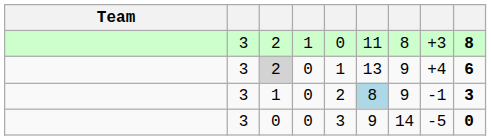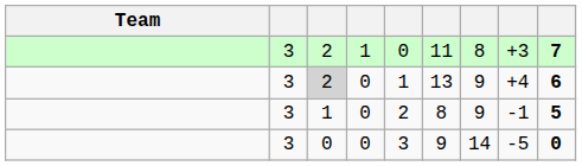 <table class="wikitable" style="text-align: center;">
 <tr>
 <th width="175">Team</th>
 <th width="20"></th>
 <th width="20"></th>
 <th width="20"></th>
 <th width="20"></th>
 <th width="20"></th>
 <th width="20"></th>
 <th width="20"></th>
 <th width="20"></th>
 </tr>
 <tr style="background-color: #ccffcc;">
 <td align=left></td>
 <td>3</td>
 <td>2</td>
 <td>1</td>
 <td>0</td>
 <td>11</td>
 <td>8</td>
 <td>+3</td>
-<td><strong>8</strong></td>
+<td><strong>7</strong></td>
 </tr>
 <tr>
 <td align=left></td>
 <td>3</td>
 <td style="background: lightgrey;">2</td>
 <td>0</td>
 <td>1</td>
 <td>13</td>
 <td>9</td>
 <td>+4</td>
 <td><strong>6</strong></td>
 </tr>
 <tr>
 <td align=left></td>
 <td>3</td>
 <td>1</td>
 <td>0</td>
 <td>2</td>
-<td style="background: lightblue;">8</td>
+<td>8</td>
 <td>9</td>
 <td>-1</td>
-<td><strong>3</strong></td>
+<td><strong>5</strong></td>
 </tr>
 <tr>
 <td align=left></td>
 <td>3</td>
 <td>0</td>
 <td>0</td>
 <td>3</td>
 <td>9</td>
 <td>14</td>
 <td>-5</td>
 <td><strong>0</strong></td>
 </tr>
 </table>
